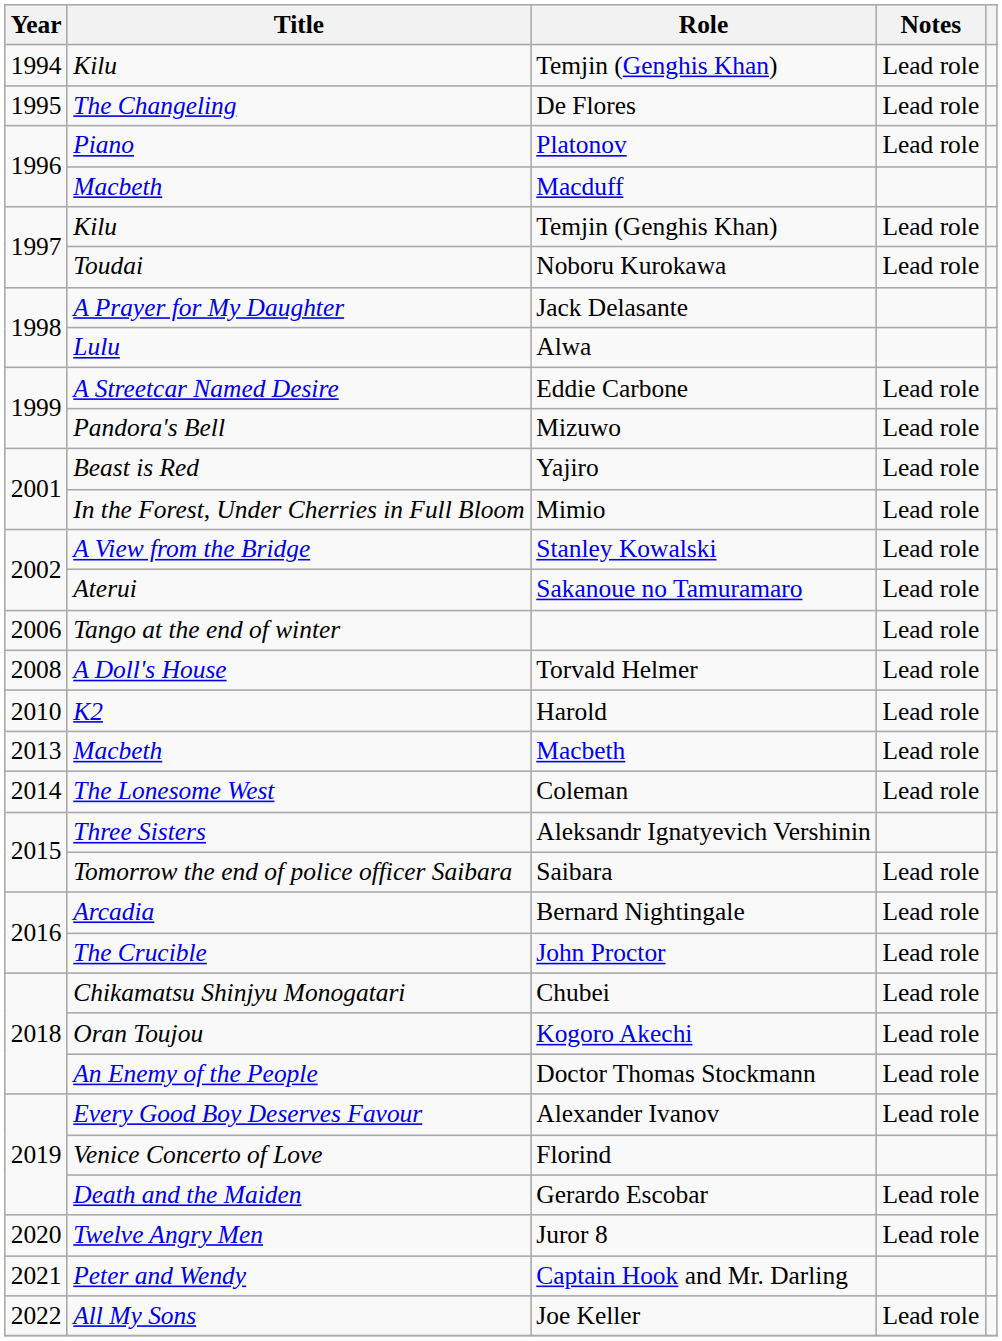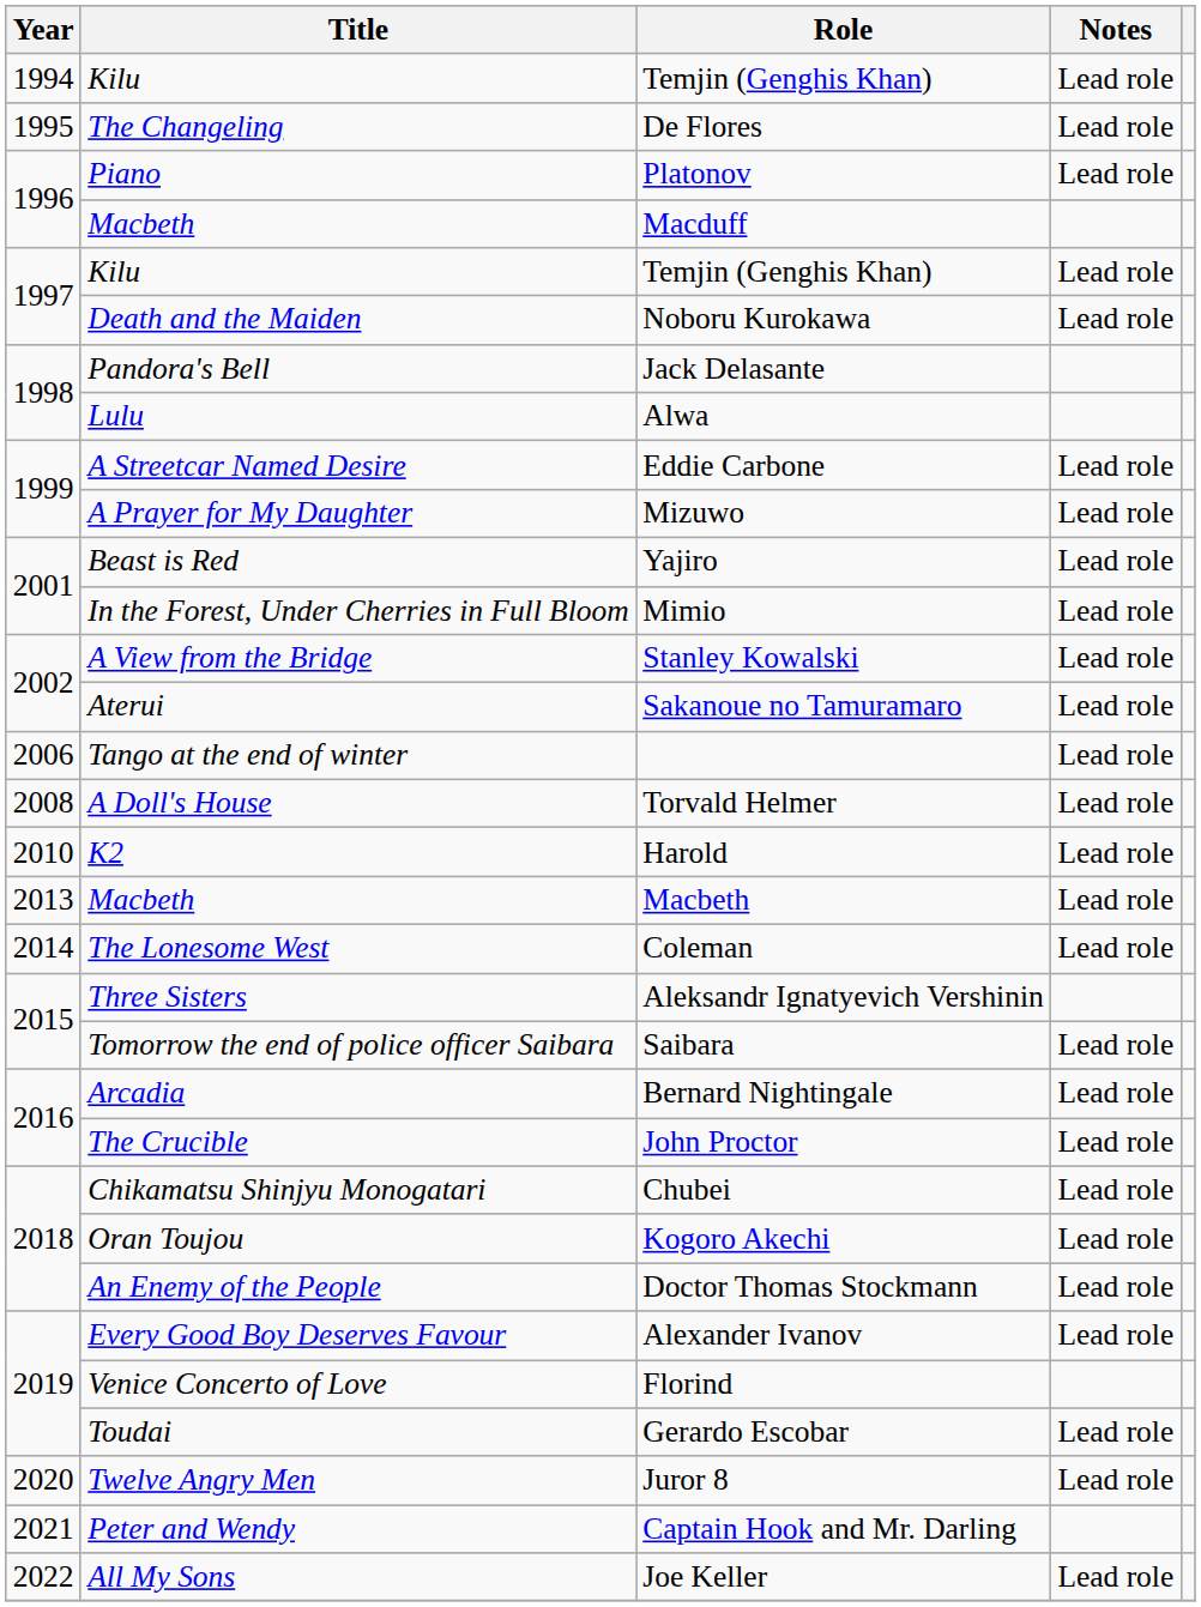 <table class="wikitable sortable">
 <tr>
 <th>Year</th>
 <th>Title</th>
 <th>Role</th>
 <th class="unsortable">Notes</th>
 <th class="unsortable"></th>
 </tr>
 <tr>
 <td>1994</td>
 <td><em>Kilu</em></td>
 <td>Temjin (<a href='#'>Genghis Khan</a>)</td>
 <td>Lead role</td>
 <td></td>
 </tr>
 <tr>
 <td>1995</td>
 <td><em><a href='#'>The Changeling</a></em></td>
 <td>De Flores</td>
 <td>Lead role</td>
 <td></td>
 </tr>
 <tr>
 <td rowspan="2">1996</td>
 <td><em><a href='#'>Piano</a></em></td>
 <td><a href='#'>Platonov</a></td>
 <td>Lead role</td>
 <td></td>
 </tr>
 <tr>
 <td><em><a href='#'>Macbeth</a></em></td>
 <td><a href='#'>Macduff</a></td>
 <td></td>
 <td></td>
 </tr>
 <tr>
 <td rowspan="2">1997</td>
 <td><em>Kilu</em></td>
 <td>Temjin (Genghis Khan)</td>
 <td>Lead role</td>
 <td></td>
 </tr>
 <tr>
-<td><em>Toudai</em></td>
+<td><em><a href='#'>Death and the Maiden</a></em></td>
 <td>Noboru Kurokawa</td>
 <td>Lead role</td>
 <td></td>
 </tr>
 <tr>
 <td rowspan="2">1998</td>
-<td><em><a href='#'>A Prayer for My Daughter</a></em></td>
+<td><em>Pandora's Bell</em></td>
 <td>Jack Delasante</td>
 <td></td>
 <td></td>
 </tr>
 <tr>
 <td><em><a href='#'>Lulu</a></em></td>
 <td>Alwa</td>
 <td></td>
 <td></td>
 </tr>
 <tr>
 <td rowspan="2">1999</td>
 <td><em><a href='#'>A Streetcar Named Desire</a></em></td>
 <td>Eddie Carbone</td>
 <td>Lead role</td>
 <td></td>
 </tr>
 <tr>
-<td><em>Pandora's Bell</em></td>
+<td><em><a href='#'>A Prayer for My Daughter</a></em></td>
 <td>Mizuwo</td>
 <td>Lead role</td>
 <td></td>
 </tr>
 <tr>
 <td rowspan="2">2001</td>
 <td><em>Beast is Red</em></td>
 <td>Yajiro</td>
 <td>Lead role</td>
 <td></td>
 </tr>
 <tr>
 <td><em>In the Forest, Under Cherries in Full Bloom</em></td>
 <td>Mimio</td>
 <td>Lead role</td>
 <td></td>
 </tr>
 <tr>
 <td rowspan="2">2002</td>
 <td><em><a href='#'>A View from the Bridge</a></em></td>
 <td><a href='#'>Stanley Kowalski</a></td>
 <td>Lead role</td>
 <td></td>
 </tr>
 <tr>
 <td><em>Aterui</em></td>
 <td><a href='#'>Sakanoue no Tamuramaro</a></td>
 <td>Lead role</td>
 <td></td>
 </tr>
 <tr>
 <td>2006</td>
 <td><em>Tango at the end of winter</em></td>
 <td></td>
 <td>Lead role</td>
 <td></td>
 </tr>
 <tr>
 <td>2008</td>
 <td><em><a href='#'>A Doll's House</a></em></td>
 <td>Torvald Helmer</td>
 <td>Lead role</td>
 <td></td>
 </tr>
 <tr>
 <td>2010</td>
 <td><em><a href='#'>K2</a></em></td>
 <td>Harold</td>
 <td>Lead role</td>
 <td></td>
 </tr>
 <tr>
 <td>2013</td>
 <td><em><a href='#'>Macbeth</a></em></td>
 <td><a href='#'>Macbeth</a></td>
 <td>Lead role</td>
 <td></td>
 </tr>
 <tr>
 <td>2014</td>
 <td><em><a href='#'>The Lonesome West</a></em></td>
 <td>Coleman</td>
 <td>Lead role</td>
 <td></td>
 </tr>
 <tr>
 <td rowspan="2">2015</td>
 <td><em><a href='#'>Three Sisters</a></em></td>
 <td>Aleksandr Ignatyevich Vershinin</td>
 <td></td>
 <td></td>
 </tr>
 <tr>
 <td><em>Tomorrow the end of police officer Saibara</em></td>
 <td>Saibara</td>
 <td>Lead role</td>
 <td></td>
 </tr>
 <tr>
 <td rowspan="2">2016</td>
 <td><em><a href='#'>Arcadia</a></em></td>
 <td>Bernard Nightingale</td>
 <td>Lead role</td>
 <td></td>
 </tr>
 <tr>
 <td><em><a href='#'>The Crucible</a></em></td>
 <td><a href='#'>John Proctor</a></td>
 <td>Lead role</td>
 <td></td>
 </tr>
 <tr>
 <td rowspan="3">2018</td>
 <td><em>Chikamatsu Shinjyu Monogatari</em></td>
 <td>Chubei</td>
 <td>Lead role</td>
 <td></td>
 </tr>
 <tr>
 <td><em>Oran Toujou</em></td>
 <td><a href='#'>Kogoro Akechi</a></td>
 <td>Lead role</td>
 <td></td>
 </tr>
 <tr>
 <td><em><a href='#'>An Enemy of the People</a></em></td>
 <td>Doctor Thomas Stockmann</td>
 <td>Lead role</td>
 <td></td>
 </tr>
 <tr>
 <td rowspan="3">2019</td>
 <td><em><a href='#'>Every Good Boy Deserves Favour</a></em></td>
 <td>Alexander Ivanov</td>
 <td>Lead role</td>
 <td></td>
 </tr>
 <tr>
 <td><em>Venice Concerto of Love</em></td>
 <td>Florind</td>
 <td></td>
 <td></td>
 </tr>
 <tr>
-<td><em><a href='#'>Death and the Maiden</a></em></td>
+<td><em>Toudai</em></td>
 <td>Gerardo Escobar</td>
 <td>Lead role</td>
 <td></td>
 </tr>
 <tr>
 <td>2020</td>
 <td><em><a href='#'>Twelve Angry Men</a></em></td>
 <td>Juror 8</td>
 <td>Lead role</td>
 <td></td>
 </tr>
 <tr>
 <td>2021</td>
 <td><em><a href='#'>Peter and Wendy</a></em></td>
 <td><a href='#'>Captain Hook</a> and Mr. Darling</td>
 <td></td>
 <td></td>
 </tr>
 <tr>
 <td>2022</td>
 <td><em><a href='#'>All My Sons</a></em></td>
 <td>Joe Keller</td>
 <td>Lead role</td>
 <td></td>
 </tr>
 <tr>
 </tr>
 </table>
